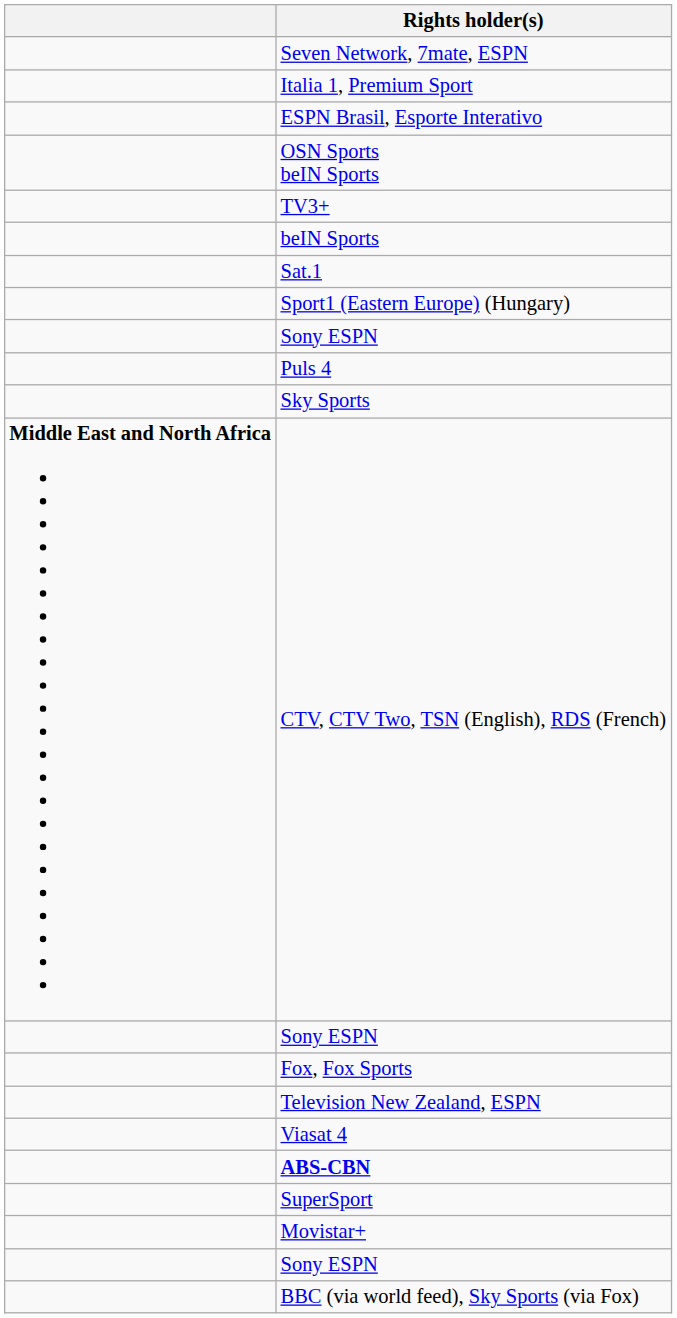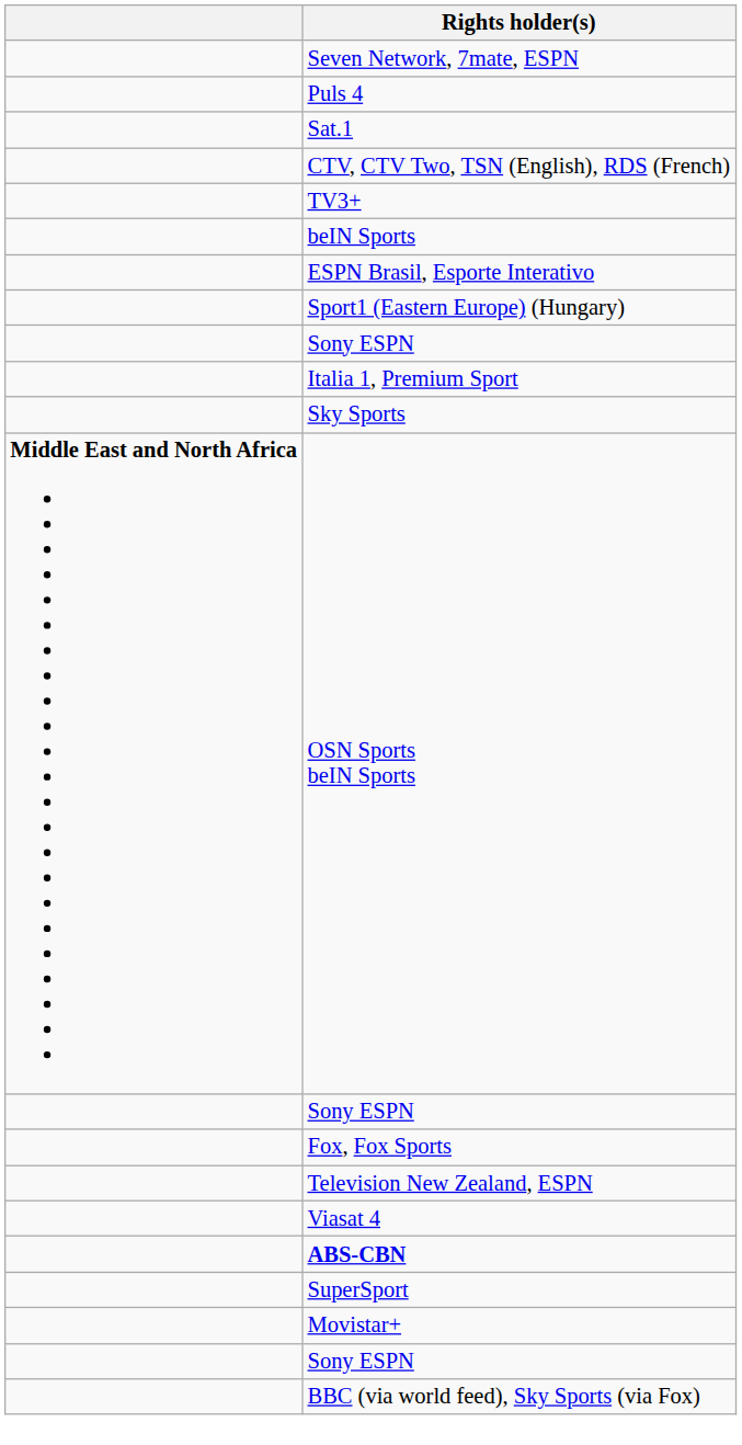 <table class="wikitable">
 <tr>
 <th></th>
 <th>Rights holder(s)</th>
 </tr>
 <tr>
 <td></td>
 <td><a href='#'>Seven Network</a>, <a href='#'>7mate</a>, <a href='#'>ESPN</a></td>
 </tr>
 <tr>
 <td></td>
-<td><a href='#'>Italia 1</a>, <a href='#'>Premium Sport</a></td>
+<td><a href='#'>Puls 4</a></td>
 </tr>
 <tr>
 <td></td>
-<td><a href='#'>ESPN Brasil</a>, <a href='#'>Esporte Interativo</a></td>
+<td><a href='#'>Sat.1</a></td>
 </tr>
 <tr>
 <td></td>
-<td><a href='#'>OSN Sports</a><br><a href='#'>beIN Sports</a></td>
+<td><a href='#'>CTV</a>, <a href='#'>CTV Two</a>, <a href='#'>TSN</a> (English), <a href='#'>RDS</a> (French)</td>
 </tr>
 <tr>
 <td></td>
 <td><a href='#'>TV3+</a></td>
 </tr>
 <tr>
 <td></td>
 <td><a href='#'>beIN Sports</a></td>
 </tr>
 <tr>
 <td></td>
-<td><a href='#'>Sat.1</a></td>
+<td><a href='#'>ESPN Brasil</a>, <a href='#'>Esporte Interativo</a></td>
 </tr>
 <tr>
 <td></td>
 <td><a href='#'>Sport1 (Eastern Europe)</a> (Hungary)</td>
 </tr>
 <tr>
 <td></td>
 <td><a href='#'>Sony ESPN</a></td>
 </tr>
 <tr>
 <td></td>
-<td><a href='#'>Puls 4</a></td>
+<td><a href='#'>Italia 1</a>, <a href='#'>Premium Sport</a></td>
 </tr>
 <tr>
 <td></td>
 <td><a href='#'>Sky Sports</a></td>
 </tr>
 <tr>
 <td><strong>Middle East and North Africa</strong><br><ul><li></li><li></li><li></li><li></li><li></li><li></li><li></li><li></li><li></li><li></li><li></li><li></li><li></li><li></li><li></li><li></li><li></li><li></li><li></li><li></li><li></li><li></li><li></li></ul></td>
-<td><a href='#'>CTV</a>, <a href='#'>CTV Two</a>, <a href='#'>TSN</a> (English), <a href='#'>RDS</a> (French)</td>
+<td><a href='#'>OSN Sports</a><br><a href='#'>beIN Sports</a></td>
 </tr>
 <tr>
 <td></td>
 <td><a href='#'>Sony ESPN</a></td>
 </tr>
 <tr>
 <td></td>
 <td><a href='#'>Fox</a>, <a href='#'>Fox Sports</a></td>
 </tr>
 <tr>
 <td></td>
 <td><a href='#'>Television New Zealand</a>, <a href='#'>ESPN</a></td>
 </tr>
 <tr>
 <td></td>
 <td><a href='#'>Viasat 4</a></td>
 </tr>
 <tr>
 <td></td>
 <td><strong><a href='#'>ABS-CBN</a></strong></td>
 </tr>
 <tr>
 <td></td>
 <td><a href='#'>SuperSport</a></td>
 </tr>
 <tr>
 <td></td>
 <td><a href='#'>Movistar+</a></td>
 </tr>
 <tr>
 <td></td>
 <td><a href='#'>Sony ESPN</a></td>
 </tr>
 <tr>
 <td></td>
 <td><a href='#'>BBC</a> (via world feed), <a href='#'>Sky Sports</a> (via Fox)</td>
 </tr>
 </table>
